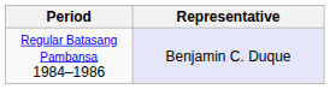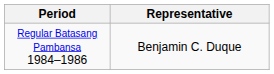 <table class="wikitable" style="text-align:center; width:40%;">
 <tr>
 <th width="40%">Period</th>
 <th>Representative</th>
 </tr>
 <tr>
 <td><small><a href='#'>Regular Batasang Pambansa</a></small><br>1984–1986</td>
-<td style="background: lavender;">Benjamin C. Duque</td>
+<td>Benjamin C. Duque</td>
 </tr>
 </table>
